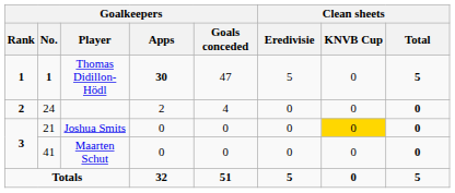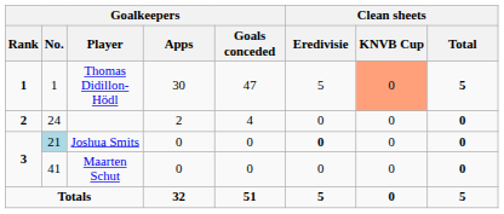 <table class="wikitable sortable alternance" style="text-align:center">
 <tr>
 <th colspan="5">Goalkeepers</th>
 <th colspan="3">Clean sheets</th>
 </tr>
 <tr>
 <th>Rank</th>
 <th>No.</th>
 <th>Player</th>
 <th width=80>Apps</th>
 <th width=80>Goals conceded</th>
 <th width=80>Eredivisie</th>
 <th width=80>KNVB Cup</th>
 <th width=80>Total</th>
 </tr>
 <tr>
 <td><strong>1</strong></td>
-<td><strong>1</strong></td>
+<td>1</td>
 <td> <a href='#'>Thomas Didillon-Hödl</a></td>
-<td><strong>30</strong></td>
+<td>30</td>
 <td>47</td>
 <td>5</td>
-<td>0</td>
+<td style="background: lightsalmon;">0</td>
 <td><strong> 5</strong></td>
 </tr>
 <tr>
 <td><strong>2</strong></td>
 <td>24</td>
 <td></td>
 <td>2</td>
 <td>4</td>
 <td>0</td>
 <td>0</td>
 <td><strong>0</strong></td>
 </tr>
 <tr>
 <td rowspan="2"><strong>3</strong></td>
-<td>21</td>
+<td style="background: lightblue;">21</td>
 <td> <a href='#'>Joshua Smits</a></td>
 <td>0</td>
 <td>0</td>
+<td><strong>0</strong></td>
 <td>0</td>
-<td style="background: gold;">0</td>
 <td><strong> 0</strong></td>
 </tr>
 <tr>
 <td>41</td>
 <td> <a href='#'>Maarten Schut</a></td>
 <td>0</td>
 <td>0</td>
 <td>0</td>
 <td>0</td>
 <td><strong>0</strong></td>
 </tr>
 <tr class="sortbottom">
 <td colspan="3"><strong>Totals</strong></td>
 <td><strong>32</strong></td>
 <td><strong>51</strong></td>
 <td><strong> 5</strong></td>
 <td><strong> 0</strong></td>
 <td><strong>5</strong></td>
 </tr>
 </table>
